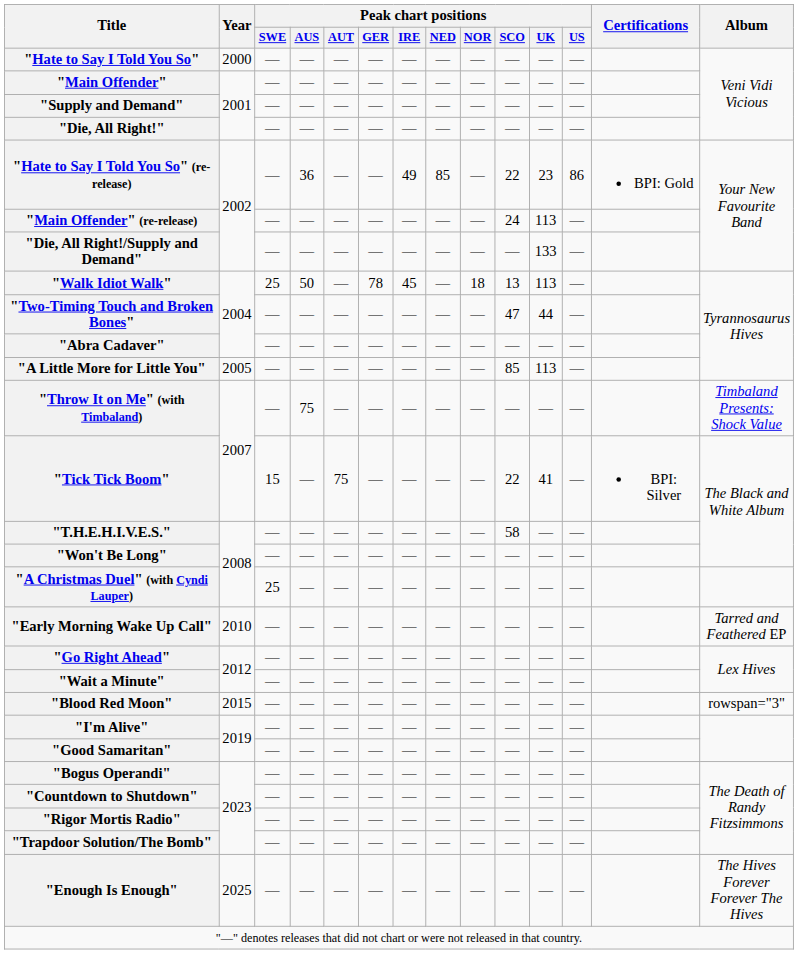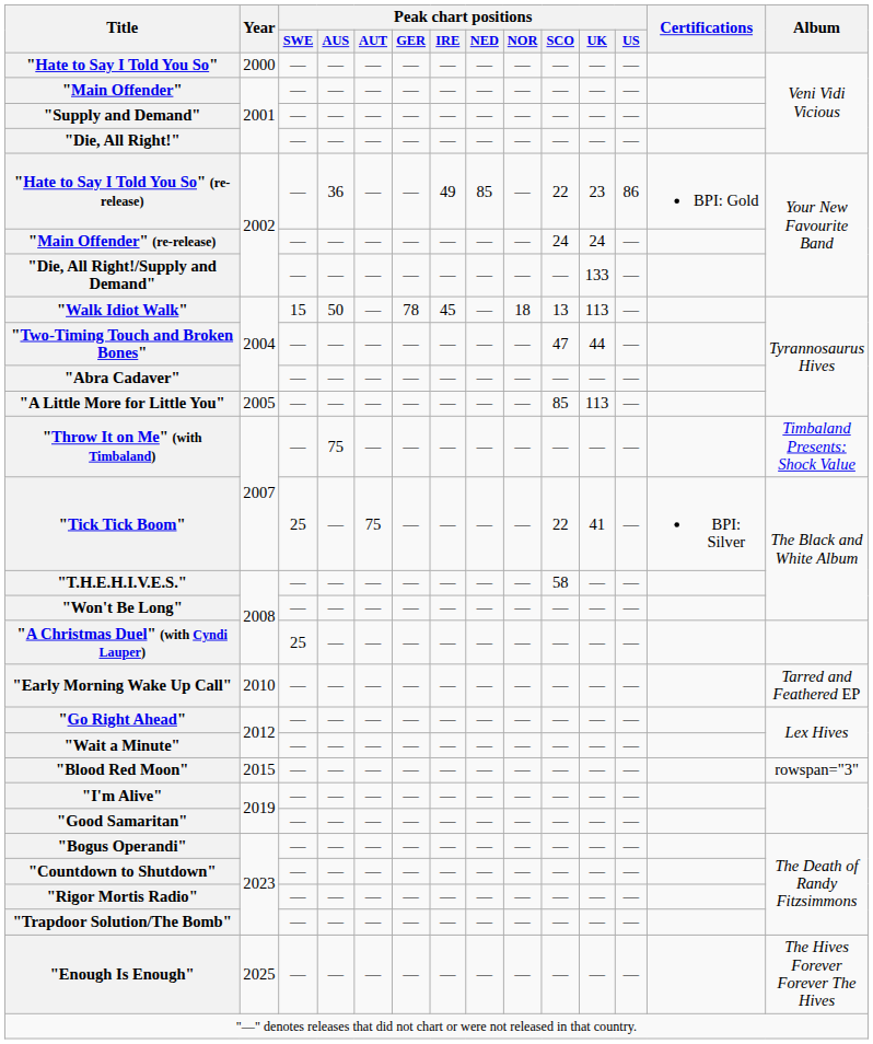 <table class="wikitable plainrowheaders" style="text-align:center;" border="1">
 <tr>
 <th scope="col" rowspan="2" style="width:20em;">Title</th>
 <th scope="col" rowspan="2">Year</th>
 <th scope="col" colspan="10">Peak chart positions</th>
 <th scope="col" rowspan="2" style="width:8em;"><a href='#'>Certifications</a></th>
 <th scope="col" rowspan="2">Album</th>
 </tr>
 <tr>
 <th scope="col" style="width:2.5em;font-size:85%;"><a href='#'>SWE</a><br></th>
 <th scope="col" style="width:2.5em;font-size:85%;"><a href='#'>AUS</a><br></th>
 <th scope="col" style="width:2.5em;font-size:85%;"><a href='#'>AUT</a><br></th>
 <th scope="col" style="width:2.5em;font-size:85%;"><a href='#'>GER</a><br></th>
 <th scope="col" style="width:2.5em;font-size:85%;"><a href='#'>IRE</a><br></th>
 <th scope="col" style="width:2.5em;font-size:85%;"><a href='#'>NED</a><br></th>
 <th scope="col" style="width:2.5em;font-size:85%;"><a href='#'>NOR</a><br></th>
 <th scope="col" style="width:2.5em;font-size:85%;"><a href='#'>SCO</a><br></th>
 <th scope="col" style="width:2.5em;font-size:85%;"><a href='#'>UK</a><br></th>
 <th scope="col" style="width:2.5em;font-size:85%;"><a href='#'>US</a><br></th>
 </tr>
 <tr>
 <th scope="row">"<a href='#'>Hate to Say I Told You So</a>"</th>
 <td>2000</td>
 <td>—</td>
 <td>—</td>
 <td>—</td>
 <td>—</td>
 <td>—</td>
 <td>—</td>
 <td>—</td>
 <td>—</td>
 <td>—</td>
 <td>—</td>
 <td></td>
 <td rowspan="4"><em>Veni Vidi Vicious</em></td>
 </tr>
 <tr>
 <th scope="row">"<a href='#'>Main Offender</a>"</th>
 <td rowspan="3">2001</td>
 <td>—</td>
 <td>—</td>
 <td>—</td>
 <td>—</td>
 <td>—</td>
 <td>—</td>
 <td>—</td>
 <td>—</td>
 <td>—</td>
 <td>—</td>
 <td></td>
 </tr>
 <tr>
 <th scope="row">"Supply and Demand"</th>
 <td>—</td>
 <td>—</td>
 <td>—</td>
 <td>—</td>
 <td>—</td>
 <td>—</td>
 <td>—</td>
 <td>—</td>
 <td>—</td>
 <td>—</td>
 <td></td>
 </tr>
 <tr>
 <th scope="row">"Die, All Right!"</th>
 <td>—</td>
 <td>—</td>
 <td>—</td>
 <td>—</td>
 <td>—</td>
 <td>—</td>
 <td>—</td>
 <td>—</td>
 <td>—</td>
 <td>—</td>
 <td></td>
 </tr>
 <tr>
 <th scope="row">"<a href='#'>Hate to Say I Told You So</a>" <small>(re-release)</small></th>
 <td rowspan="3">2002</td>
 <td>—</td>
 <td>36</td>
 <td>—</td>
 <td>—</td>
 <td>49</td>
 <td>85</td>
 <td>—</td>
 <td>22</td>
 <td>23</td>
 <td>86</td>
 <td><br><ul><li>BPI: Gold</li></ul></td>
 <td rowspan="3"><em>Your New Favourite Band</em></td>
 </tr>
 <tr>
 <th scope="row">"<a href='#'>Main Offender</a>" <small>(re-release)</small></th>
 <td>—</td>
 <td>—</td>
 <td>—</td>
 <td>—</td>
 <td>—</td>
 <td>—</td>
 <td>—</td>
 <td>24</td>
-<td>113</td>
+<td>24</td>
 <td>—</td>
 <td></td>
 </tr>
 <tr>
 <th scope="row">"Die, All Right!/Supply and Demand"</th>
 <td>—</td>
 <td>—</td>
 <td>—</td>
 <td>—</td>
 <td>—</td>
 <td>—</td>
 <td>—</td>
 <td>—</td>
 <td>133</td>
 <td>—</td>
 <td></td>
 </tr>
 <tr>
 <th scope="row">"<a href='#'>Walk Idiot Walk</a>"</th>
 <td rowspan="3">2004</td>
-<td>25</td>
+<td>15</td>
 <td>50</td>
 <td>—</td>
 <td>78</td>
 <td>45</td>
 <td>—</td>
 <td>18</td>
 <td>13</td>
 <td>113</td>
 <td>—</td>
 <td></td>
 <td rowspan="4"><em>Tyrannosaurus Hives</em></td>
 </tr>
 <tr>
 <th scope="row">"<a href='#'>Two-Timing Touch and Broken Bones</a>"</th>
 <td>—</td>
 <td>—</td>
 <td>—</td>
 <td>—</td>
 <td>—</td>
 <td>—</td>
 <td>—</td>
 <td>47</td>
 <td>44</td>
 <td>—</td>
 <td></td>
 </tr>
 <tr>
 <th scope="row">"Abra Cadaver"</th>
 <td>—</td>
 <td>—</td>
 <td>—</td>
 <td>—</td>
 <td>—</td>
 <td>—</td>
 <td>—</td>
 <td>—</td>
 <td>—</td>
 <td>—</td>
 <td></td>
 </tr>
 <tr>
 <th scope="row">"A Little More for Little You"</th>
 <td>2005</td>
 <td>—</td>
 <td>—</td>
 <td>—</td>
 <td>—</td>
 <td>—</td>
 <td>—</td>
 <td>—</td>
 <td>85</td>
 <td>113</td>
 <td>—</td>
 <td></td>
 </tr>
 <tr>
 <th scope="row">"<a href='#'>Throw It on Me</a>" <small>(with <a href='#'>Timbaland</a>)</small></th>
 <td rowspan="2">2007</td>
 <td>—</td>
 <td>75</td>
 <td>—</td>
 <td>—</td>
 <td>—</td>
 <td>—</td>
 <td>—</td>
 <td>—</td>
 <td>—</td>
 <td>—</td>
 <td></td>
 <td><em><a href='#'>Timbaland Presents: Shock Value</a></em></td>
 </tr>
 <tr>
 <th scope="row">"<a href='#'>Tick Tick Boom</a>"</th>
-<td>15</td>
+<td>25</td>
 <td>—</td>
 <td>75</td>
 <td>—</td>
 <td>—</td>
 <td>—</td>
 <td>—</td>
 <td>22</td>
 <td>41</td>
 <td>—</td>
 <td><br><ul><li>BPI: Silver</li></ul></td>
 <td rowspan="3"><em>The Black and White Album</em></td>
 </tr>
 <tr>
 <th scope="row">"T.H.E.H.I.V.E.S."</th>
 <td rowspan="3">2008</td>
 <td>—</td>
 <td>—</td>
 <td>—</td>
 <td>—</td>
 <td>—</td>
 <td>—</td>
 <td>—</td>
 <td>58</td>
 <td>—</td>
 <td>—</td>
 <td></td>
 </tr>
 <tr>
 <th scope="row">"Won't Be Long"</th>
 <td>—</td>
 <td>—</td>
 <td>—</td>
 <td>—</td>
 <td>—</td>
 <td>—</td>
 <td>—</td>
 <td>—</td>
 <td>—</td>
 <td>—</td>
 <td></td>
 </tr>
 <tr>
 <th scope="row">"<a href='#'>A Christmas Duel</a>" <small>(with <a href='#'>Cyndi Lauper</a>)</small></th>
 <td>25</td>
 <td>—</td>
 <td>—</td>
 <td>—</td>
 <td>—</td>
 <td>—</td>
 <td>—</td>
 <td>—</td>
 <td>—</td>
 <td>—</td>
 <td></td>
 <td></td>
 </tr>
 <tr>
 <th scope="row">"Early Morning Wake Up Call"</th>
 <td>2010</td>
 <td>—</td>
 <td>—</td>
 <td>—</td>
 <td>—</td>
 <td>—</td>
 <td>—</td>
 <td>—</td>
 <td>—</td>
 <td>—</td>
 <td>—</td>
 <td></td>
 <td><em>Tarred and Feathered</em> EP</td>
 </tr>
 <tr>
 <th scope="row">"<a href='#'>Go Right Ahead</a>"</th>
 <td rowspan="2">2012</td>
 <td>—</td>
 <td>—</td>
 <td>—</td>
 <td>—</td>
 <td>—</td>
 <td>—</td>
 <td>—</td>
 <td>—</td>
 <td>—</td>
 <td>—</td>
 <td></td>
 <td rowspan="2"><em>Lex Hives</em></td>
 </tr>
 <tr>
 <th scope="row">"Wait a Minute"</th>
 <td>—</td>
 <td>—</td>
 <td>—</td>
 <td>—</td>
 <td>—</td>
 <td>—</td>
 <td>—</td>
 <td>—</td>
 <td>—</td>
 <td>—</td>
 <td></td>
 </tr>
 <tr>
 <th scope="row">"Blood Red Moon"</th>
 <td>2015</td>
 <td>—</td>
 <td>—</td>
 <td>—</td>
 <td>—</td>
 <td>—</td>
 <td>—</td>
 <td>—</td>
 <td>—</td>
 <td>—</td>
 <td>—</td>
 <td></td>
 <td>rowspan="3" </td>
 </tr>
 <tr>
 <th scope="row">"I'm Alive"</th>
 <td rowspan="2">2019</td>
 <td>—</td>
 <td>—</td>
 <td>—</td>
 <td>—</td>
 <td>—</td>
 <td>—</td>
 <td>—</td>
 <td>—</td>
 <td>—</td>
 <td>—</td>
 <td></td>
 </tr>
 <tr>
 <th scope="row">"Good Samaritan"</th>
 <td>—</td>
 <td>—</td>
 <td>—</td>
 <td>—</td>
 <td>—</td>
 <td>—</td>
 <td>—</td>
 <td>—</td>
 <td>—</td>
 <td>—</td>
 <td></td>
 </tr>
 <tr>
 <th scope="row">"Bogus Operandi"</th>
 <td rowspan="4">2023</td>
 <td>—</td>
 <td>—</td>
 <td>—</td>
 <td>—</td>
 <td>—</td>
 <td>—</td>
 <td>—</td>
 <td>—</td>
 <td>—</td>
 <td>—</td>
 <td></td>
 <td rowspan="4"><em>The Death of Randy Fitzsimmons</em></td>
 </tr>
 <tr>
 <th scope="row">"Countdown to Shutdown"</th>
 <td>—</td>
 <td>—</td>
 <td>—</td>
 <td>—</td>
 <td>—</td>
 <td>—</td>
 <td>—</td>
 <td>—</td>
 <td>—</td>
 <td>—</td>
 <td></td>
 </tr>
 <tr>
 <th scope="row">"Rigor Mortis Radio"</th>
 <td>—</td>
 <td>—</td>
 <td>—</td>
 <td>—</td>
 <td>—</td>
 <td>—</td>
 <td>—</td>
 <td>—</td>
 <td>—</td>
 <td>—</td>
 <td></td>
 </tr>
 <tr>
 <th scope="row">"Trapdoor Solution/The Bomb"</th>
 <td>—</td>
 <td>—</td>
 <td>—</td>
 <td>—</td>
 <td>—</td>
 <td>—</td>
 <td>—</td>
 <td>—</td>
 <td>—</td>
 <td>—</td>
 <td></td>
 </tr>
 <tr>
 <th scope="row">"Enough Is Enough"</th>
 <td>2025</td>
 <td>—</td>
 <td>—</td>
 <td>—</td>
 <td>—</td>
 <td>—</td>
 <td>—</td>
 <td>—</td>
 <td>—</td>
 <td>—</td>
 <td>—</td>
 <td></td>
 <td><em>The Hives Forever Forever The Hives</em></td>
 </tr>
 <tr>
 <td colspan="14" align="center"><small>"—" denotes releases that did not chart or were not released in that country.</small></td>
 </tr>
 </table>
